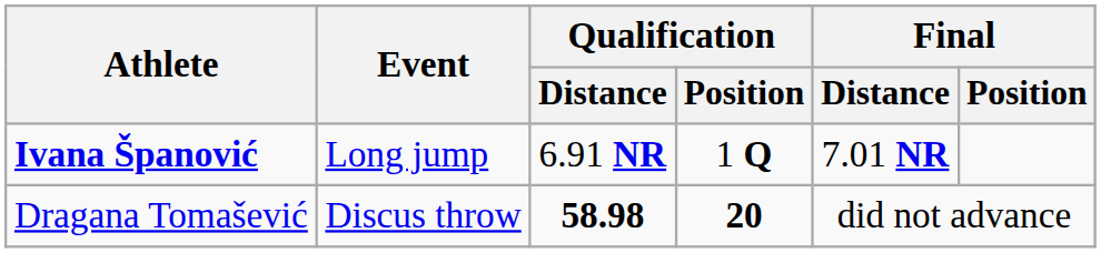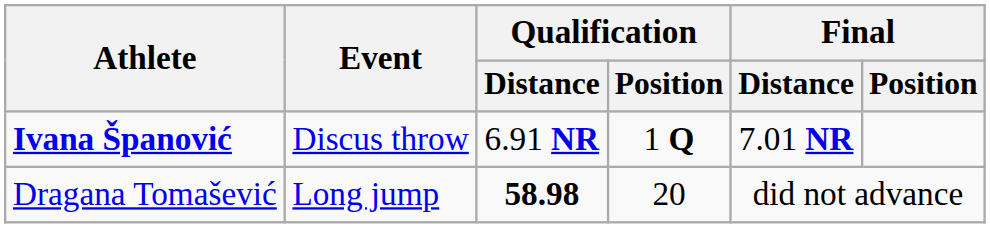 <table class=wikitable style="font-size:90%">
 <tr>
 <th rowspan="2">Athlete</th>
 <th rowspan="2">Event</th>
 <th colspan="2">Qualification</th>
 <th colspan="2">Final</th>
 </tr>
 <tr style="font-size:95%">
 <th>Distance</th>
 <th>Position</th>
 <th>Distance</th>
 <th>Position</th>
 </tr>
 <tr style=text-align:center>
 <td style=text-align:left><strong><a href='#'>Ivana Španović</a></strong></td>
-<td style=text-align:left><a href='#'>Long jump</a></td>
+<td style=text-align:left><a href='#'>Discus throw</a></td>
 <td>6.91 <strong><a href='#'>NR</a></strong></td>
 <td>1  <strong>Q</strong></td>
 <td>7.01 <strong><a href='#'>NR</a></strong></td>
 <td></td>
 </tr>
 <tr style=text-align:center>
 <td style=text-align:left><a href='#'>Dragana Tomašević</a></td>
-<td style=text-align:left><a href='#'>Discus throw</a></td>
+<td style=text-align:left><a href='#'>Long jump</a></td>
 <td><strong>58.98</strong></td>
-<td><strong>20</strong></td>
+<td>20</td>
 <td colspan="2">did not advance</td>
 </tr>
 </table>
